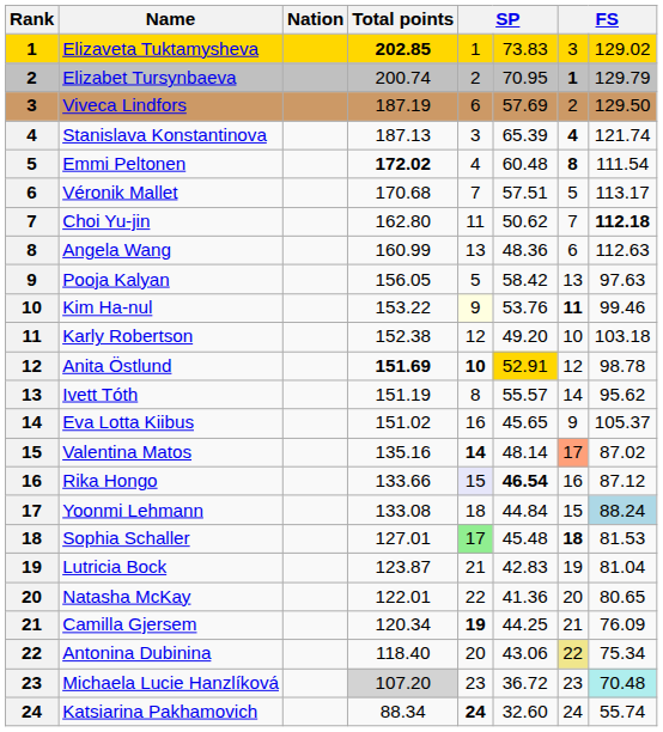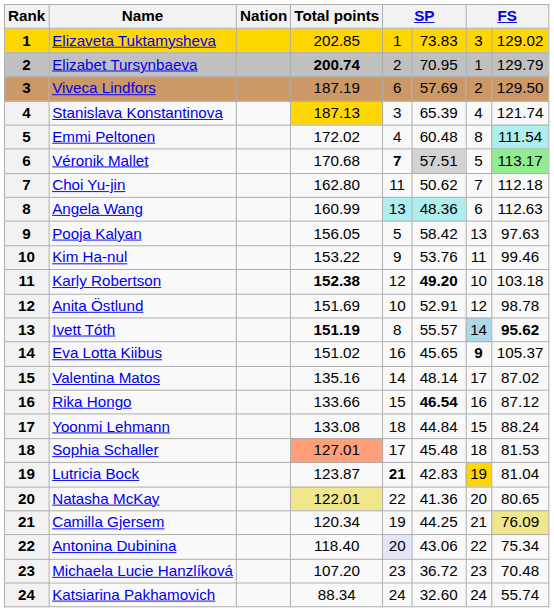 <table class="wikitable sortable">
 <tr>
 <th>Rank</th>
 <th>Name</th>
 <th>Nation</th>
 <th>Total points</th>
 <th colspan="2" width="80px"><a href='#'>SP</a></th>
 <th colspan="2" width="80px"><a href='#'>FS</a></th>
 </tr>
 <tr bgcolor="gold">
 <td align="center"><strong>1</strong></td>
 <td><a href='#'>Elizaveta Tuktamysheva</a></td>
 <td></td>
-<td align="center"><strong>202.85</strong></td>
+<td align="center">202.85</td>
 <td align="center">1</td>
 <td align="center">73.83</td>
 <td align="center">3</td>
 <td align="center">129.02</td>
 </tr>
 <tr bgcolor="silver">
 <td align="center"><strong>2</strong></td>
 <td><a href='#'>Elizabet Tursynbaeva</a></td>
 <td></td>
-<td align="center">200.74</td>
+<td align="center"><strong>200.74</strong></td>
 <td align="center">2</td>
 <td align="center">70.95</td>
-<td align="center"><strong>1</strong></td>
+<td align="center">1</td>
 <td align="center">129.79</td>
 </tr>
 <tr bgcolor="cc9966">
 <td align="center"><strong>3</strong></td>
 <td><a href='#'>Viveca Lindfors</a></td>
 <td></td>
 <td align="center">187.19</td>
 <td align="center">6</td>
 <td align="center">57.69</td>
 <td align="center">2</td>
 <td align="center">129.50</td>
 </tr>
 <tr>
 <th>4</th>
 <td><a href='#'>Stanislava Konstantinova</a></td>
 <td></td>
-<td align="center">187.13</td>
+<td align="center" style="background: gold;">187.13</td>
 <td align="center">3</td>
 <td align="center">65.39</td>
-<td align="center"><strong>4</strong></td>
+<td align="center">4</td>
 <td align="center">121.74</td>
 </tr>
 <tr>
 <th>5</th>
 <td><a href='#'>Emmi Peltonen</a></td>
 <td></td>
-<td align="center"><strong>172.02</strong></td>
+<td align="center">172.02</td>
 <td align="center">4</td>
 <td align="center">60.48</td>
-<td align="center"><strong>8</strong></td>
-<td align="center">111.54</td>
+<td align="center">8</td>
+<td align="center" style="background: paleturquoise;">111.54</td>
 </tr>
 <tr>
 <th>6</th>
 <td><a href='#'>Véronik Mallet</a></td>
 <td></td>
 <td align="center">170.68</td>
-<td align="center">7</td>
-<td align="center">57.51</td>
+<td align="center"><strong>7</strong></td>
+<td align="center" style="background: lightgrey;">57.51</td>
 <td align="center">5</td>
-<td align="center">113.17</td>
+<td align="center" style="background: lightgreen;">113.17</td>
 </tr>
 <tr>
 <th>7</th>
 <td><a href='#'>Choi Yu-jin</a></td>
 <td></td>
 <td align="center">162.80</td>
 <td align="center">11</td>
 <td align="center">50.62</td>
 <td align="center">7</td>
-<td align="center"><strong>112.18</strong></td>
+<td align="center">112.18</td>
 </tr>
 <tr>
 <th>8</th>
 <td><a href='#'>Angela Wang</a></td>
 <td></td>
 <td align="center">160.99</td>
-<td align="center">13</td>
-<td align="center">48.36</td>
+<td align="center" style="background: paleturquoise;">13</td>
+<td align="center" style="background: paleturquoise;">48.36</td>
 <td align="center">6</td>
 <td align="center">112.63</td>
 </tr>
 <tr>
 <th>9</th>
 <td><a href='#'>Pooja Kalyan</a></td>
 <td></td>
 <td align="center">156.05</td>
 <td align="center">5</td>
 <td align="center">58.42</td>
 <td align="center">13</td>
 <td align="center">97.63</td>
 </tr>
 <tr>
 <th>10</th>
 <td><a href='#'>Kim Ha-nul</a></td>
 <td></td>
 <td align="center">153.22</td>
-<td align="center" style="background: lightyellow;">9</td>
+<td align="center">9</td>
 <td align="center">53.76</td>
-<td align="center"><strong>11</strong></td>
+<td align="center">11</td>
 <td align="center">99.46</td>
 </tr>
 <tr>
 <th>11</th>
 <td><a href='#'>Karly Robertson</a></td>
 <td></td>
-<td align="center">152.38</td>
+<td align="center"><strong>152.38</strong></td>
 <td align="center">12</td>
-<td align="center">49.20</td>
+<td align="center"><strong>49.20</strong></td>
 <td align="center">10</td>
 <td align="center">103.18</td>
 </tr>
 <tr>
 <th>12</th>
 <td><a href='#'>Anita Östlund</a></td>
 <td></td>
-<td align="center"><strong>151.69</strong></td>
-<td align="center"><strong>10</strong></td>
-<td align="center" style="background: gold;">52.91</td>
+<td align="center">151.69</td>
+<td align="center">10</td>
+<td align="center">52.91</td>
 <td align="center">12</td>
 <td align="center">98.78</td>
 </tr>
 <tr>
 <th>13</th>
 <td><a href='#'>Ivett Tóth</a></td>
 <td></td>
-<td align="center">151.19</td>
+<td align="center"><strong>151.19</strong></td>
 <td align="center">8</td>
 <td align="center">55.57</td>
-<td align="center">14</td>
-<td align="center">95.62</td>
+<td align="center" style="background: lightblue;">14</td>
+<td align="center"><strong>95.62</strong></td>
 </tr>
 <tr>
 <th>14</th>
 <td><a href='#'>Eva Lotta Kiibus</a></td>
 <td></td>
 <td align="center">151.02</td>
 <td align="center">16</td>
 <td align="center">45.65</td>
-<td align="center">9</td>
+<td align="center"><strong>9</strong></td>
 <td align="center">105.37</td>
 </tr>
 <tr>
 <th>15</th>
 <td><a href='#'>Valentina Matos</a></td>
 <td></td>
 <td align="center">135.16</td>
-<td align="center"><strong>14</strong></td>
+<td align="center">14</td>
 <td align="center">48.14</td>
-<td align="center" style="background: lightsalmon;">17</td>
+<td align="center">17</td>
 <td align="center">87.02</td>
 </tr>
 <tr>
 <th>16</th>
 <td><a href='#'>Rika Hongo</a></td>
 <td></td>
 <td align="center">133.66</td>
-<td align="center" style="background: lavender;">15</td>
+<td align="center">15</td>
 <td align="center"><strong>46.54</strong></td>
 <td align="center">16</td>
 <td align="center">87.12</td>
 </tr>
 <tr>
 <th>17</th>
 <td><a href='#'>Yoonmi Lehmann</a></td>
 <td></td>
 <td align="center">133.08</td>
 <td align="center">18</td>
 <td align="center">44.84</td>
 <td align="center">15</td>
-<td align="center" style="background: lightblue;">88.24</td>
+<td align="center">88.24</td>
 </tr>
 <tr>
 <th>18</th>
 <td><a href='#'>Sophia Schaller</a></td>
 <td></td>
-<td align="center">127.01</td>
-<td align="center" style="background: lightgreen;">17</td>
+<td align="center" style="background: lightsalmon;">127.01</td>
+<td align="center">17</td>
 <td align="center">45.48</td>
-<td align="center"><strong>18</strong></td>
+<td align="center">18</td>
 <td align="center">81.53</td>
 </tr>
 <tr>
 <th>19</th>
 <td><a href='#'>Lutricia Bock</a></td>
 <td></td>
 <td align="center">123.87</td>
-<td align="center">21</td>
+<td align="center"><strong>21</strong></td>
 <td align="center">42.83</td>
-<td align="center">19</td>
+<td align="center" style="background: gold;">19</td>
 <td align="center">81.04</td>
 </tr>
 <tr>
 <th>20</th>
 <td><a href='#'>Natasha McKay</a></td>
 <td></td>
-<td align="center">122.01</td>
+<td align="center" style="background: khaki;">122.01</td>
 <td align="center">22</td>
 <td align="center">41.36</td>
 <td align="center">20</td>
 <td align="center">80.65</td>
 </tr>
 <tr>
 <th>21</th>
 <td><a href='#'>Camilla Gjersem</a></td>
 <td></td>
 <td align="center">120.34</td>
-<td align="center"><strong>19</strong></td>
+<td align="center">19</td>
 <td align="center">44.25</td>
 <td align="center">21</td>
-<td align="center">76.09</td>
+<td align="center" style="background: khaki;">76.09</td>
 </tr>
 <tr>
 <th>22</th>
 <td><a href='#'>Antonina Dubinina</a></td>
 <td></td>
 <td align="center">118.40</td>
-<td align="center">20</td>
+<td align="center" style="background: lavender;">20</td>
 <td align="center">43.06</td>
-<td align="center" style="background: khaki;">22</td>
+<td align="center">22</td>
 <td align="center">75.34</td>
 </tr>
 <tr>
 <th>23</th>
 <td><a href='#'>Michaela Lucie Hanzlíková</a></td>
 <td></td>
-<td align="center" style="background: lightgrey;">107.20</td>
+<td align="center">107.20</td>
 <td align="center">23</td>
 <td align="center">36.72</td>
 <td align="center">23</td>
-<td align="center" style="background: paleturquoise;">70.48</td>
+<td align="center">70.48</td>
 </tr>
 <tr>
 <th>24</th>
 <td><a href='#'>Katsiarina Pakhamovich</a></td>
 <td></td>
 <td align="center">88.34</td>
-<td align="center"><strong>24</strong></td>
+<td align="center">24</td>
 <td align="center">32.60</td>
 <td align="center">24</td>
 <td align="center">55.74</td>
 </tr>
 </table>
